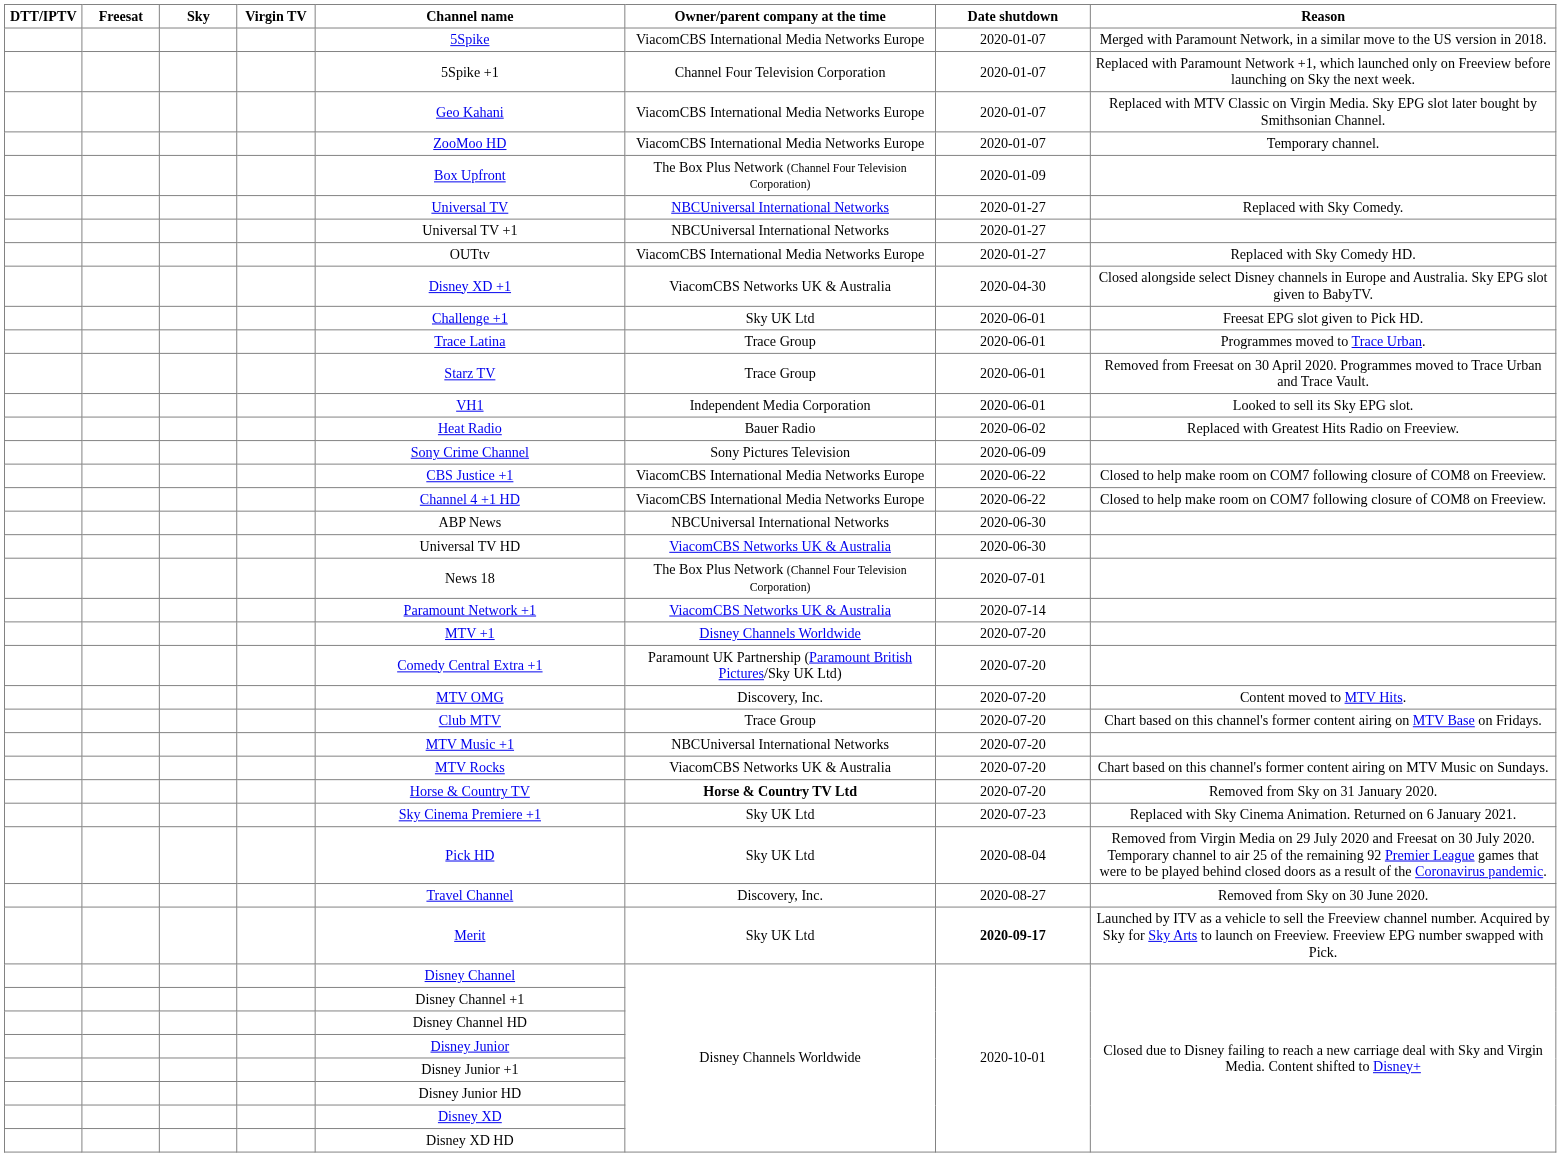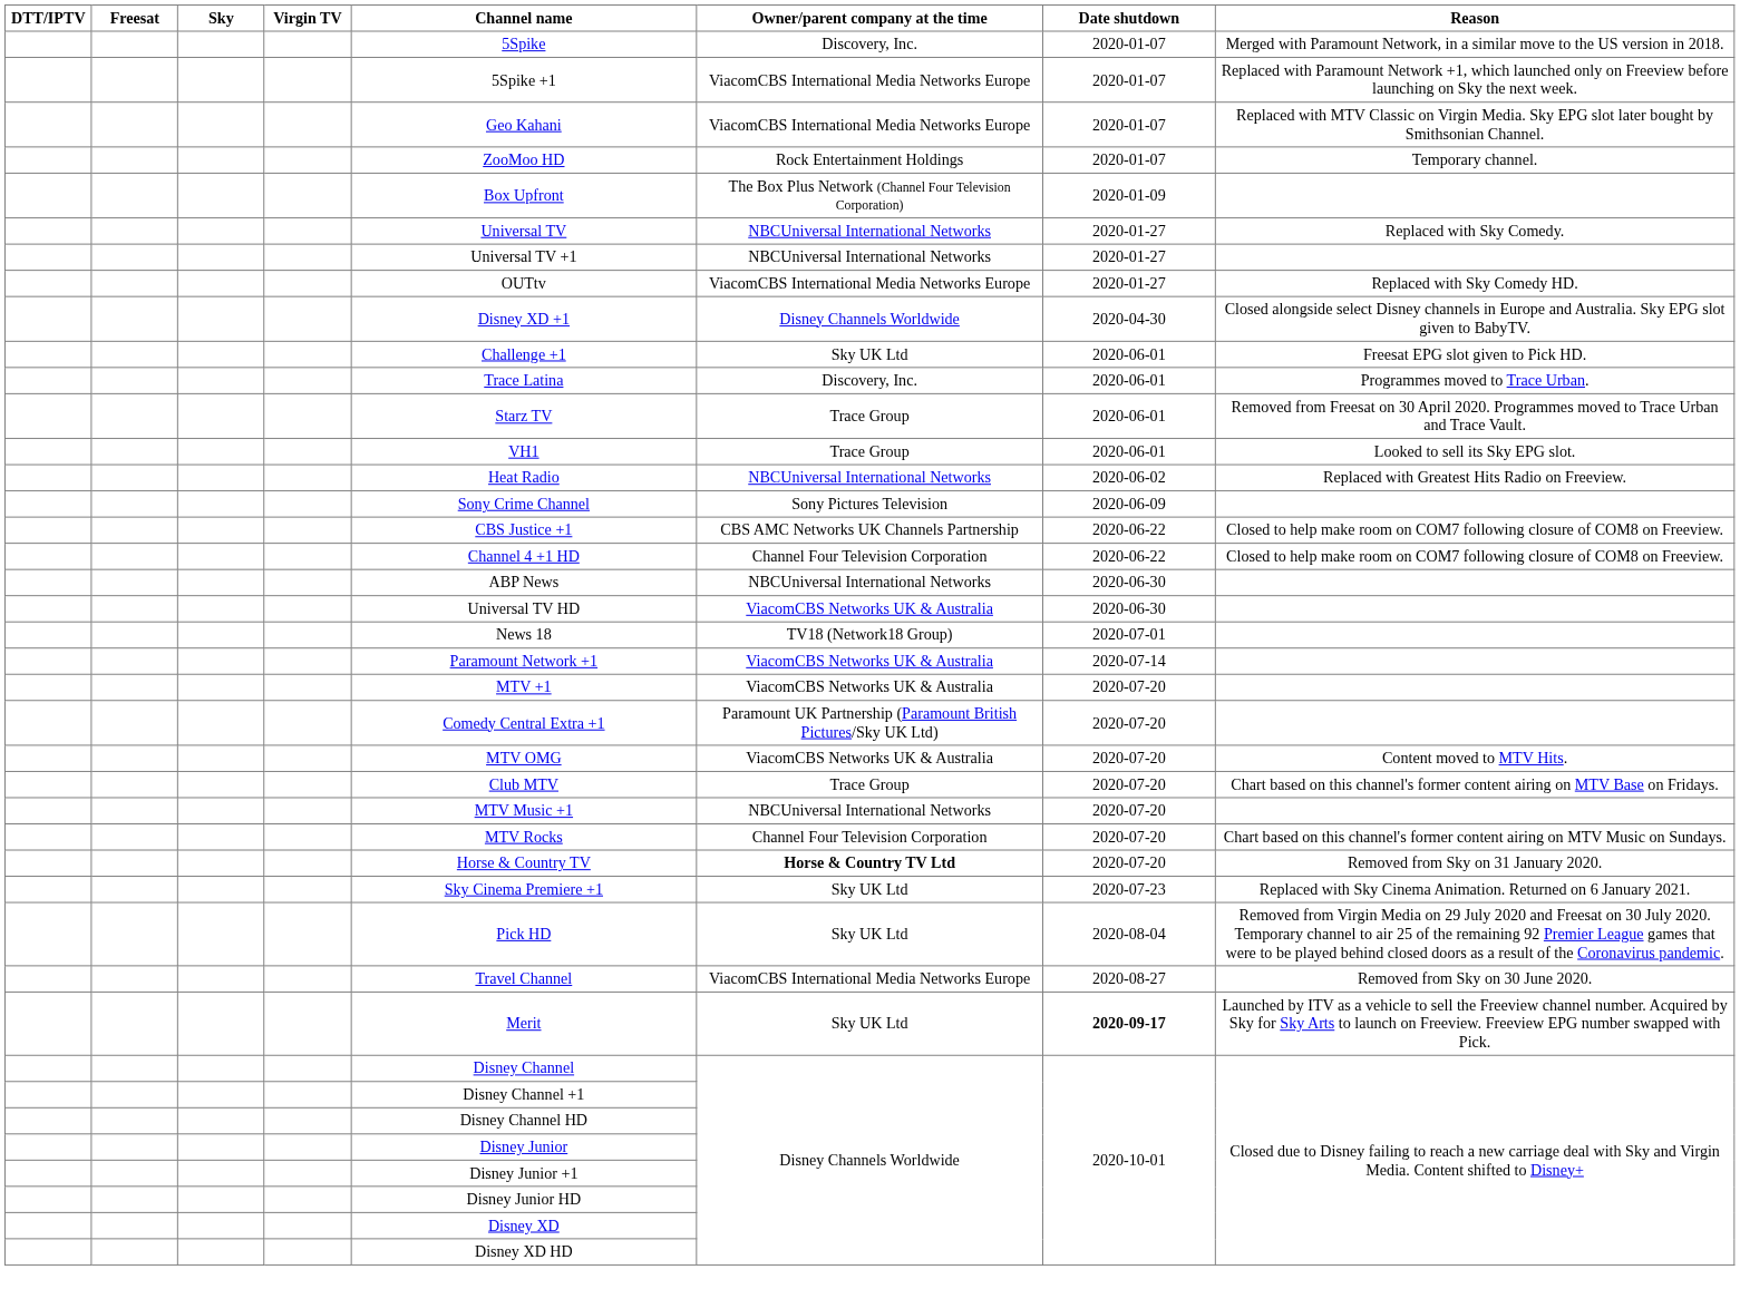 <table class="toccolors sortable" border="1" cellpadding="3" style="border-collapse:collapse; font-size: 90%; text-align:center" width="100%">
 <tr>
 <th width="5%">DTT/IPTV</th>
 <th width="5%">Freesat</th>
 <th width="5%">Sky</th>
 <th width="5%">Virgin TV</th>
 <th width="20%">Channel name</th>
 <th width="20%">Owner/parent company at the time</th>
 <th width="10%">Date shutdown </th>
 <th width="30%">Reason</th>
 </tr>
 <tr>
 <td></td>
 <td></td>
 <td></td>
 <td></td>
 <td><a href='#'>5Spike</a></td>
-<td>ViacomCBS International Media Networks Europe</td>
+<td>Discovery, Inc.</td>
 <td>2020-01-07</td>
 <td>Merged with Paramount Network, in a similar move to the US version in 2018.</td>
 </tr>
 <tr>
 <td></td>
 <td></td>
 <td></td>
 <td></td>
 <td>5Spike +1</td>
-<td>Channel Four Television Corporation</td>
+<td>ViacomCBS International Media Networks Europe</td>
 <td>2020-01-07</td>
 <td>Replaced with Paramount Network +1, which launched only on Freeview before launching on Sky the next week.</td>
 </tr>
 <tr>
 <td></td>
 <td></td>
 <td></td>
 <td></td>
 <td><a href='#'>Geo Kahani</a></td>
 <td>ViacomCBS International Media Networks Europe</td>
 <td>2020-01-07</td>
 <td>Replaced with MTV Classic on Virgin Media. Sky EPG slot later bought by Smithsonian Channel.</td>
 </tr>
 <tr>
 <td></td>
 <td></td>
 <td></td>
 <td></td>
 <td><a href='#'>ZooMoo HD</a></td>
-<td>ViacomCBS International Media Networks Europe</td>
+<td>Rock Entertainment Holdings</td>
 <td>2020-01-07</td>
 <td>Temporary channel.</td>
 </tr>
 <tr>
 <td></td>
 <td></td>
 <td></td>
 <td></td>
 <td><a href='#'>Box Upfront</a></td>
 <td>The Box Plus Network <small>(Channel Four Television Corporation)</small></td>
 <td>2020-01-09</td>
 <td></td>
 </tr>
 <tr>
 <td></td>
 <td></td>
 <td></td>
 <td></td>
 <td><a href='#'>Universal TV</a></td>
 <td><a href='#'>NBCUniversal International Networks</a></td>
 <td>2020-01-27</td>
 <td>Replaced with Sky Comedy.</td>
 </tr>
 <tr>
 <td></td>
 <td></td>
 <td></td>
 <td></td>
 <td>Universal TV +1</td>
 <td>NBCUniversal International Networks</td>
 <td>2020-01-27</td>
 <td></td>
 </tr>
 <tr>
 <td></td>
 <td></td>
 <td></td>
 <td></td>
 <td>OUTtv</td>
 <td>ViacomCBS International Media Networks Europe</td>
 <td>2020-01-27</td>
 <td>Replaced with Sky Comedy HD.</td>
 </tr>
 <tr>
 <td></td>
 <td></td>
 <td></td>
 <td></td>
 <td><a href='#'>Disney XD +1</a></td>
-<td>ViacomCBS Networks UK & Australia</td>
+<td><a href='#'>Disney Channels Worldwide</a></td>
 <td>2020-04-30</td>
 <td>Closed alongside select Disney channels in Europe and Australia. Sky EPG slot given to BabyTV.</td>
 </tr>
 <tr>
 <td></td>
 <td></td>
 <td></td>
 <td></td>
 <td><a href='#'>Challenge +1</a></td>
 <td>Sky UK Ltd</td>
 <td>2020-06-01</td>
 <td>Freesat EPG slot given to Pick HD.</td>
 </tr>
 <tr>
 <td></td>
 <td></td>
 <td></td>
 <td></td>
 <td><a href='#'>Trace Latina</a></td>
-<td>Trace Group</td>
+<td>Discovery, Inc.</td>
 <td>2020-06-01</td>
 <td>Programmes moved to <a href='#'>Trace Urban</a>.</td>
 </tr>
 <tr>
 <td></td>
 <td></td>
 <td></td>
 <td></td>
 <td><a href='#'>Starz TV</a></td>
 <td>Trace Group</td>
 <td>2020-06-01</td>
 <td>Removed from Freesat on 30 April 2020. Programmes moved to Trace Urban and Trace Vault.</td>
 </tr>
 <tr>
 <td></td>
 <td></td>
 <td></td>
 <td></td>
 <td><a href='#'>VH1</a></td>
-<td>Independent Media Corporation</td>
+<td>Trace Group</td>
 <td>2020-06-01</td>
 <td>Looked to sell its Sky EPG slot.</td>
 </tr>
 <tr>
 <td></td>
 <td></td>
 <td></td>
 <td></td>
 <td><a href='#'>Heat Radio</a></td>
-<td>Bauer Radio</td>
+<td><a href='#'>NBCUniversal International Networks</a></td>
 <td>2020-06-02</td>
 <td>Replaced with Greatest Hits Radio on Freeview.</td>
 </tr>
 <tr>
 <td></td>
 <td></td>
 <td></td>
 <td></td>
 <td><a href='#'>Sony Crime Channel</a></td>
 <td>Sony Pictures Television</td>
 <td>2020-06-09</td>
 <td></td>
 </tr>
 <tr>
 <td></td>
 <td></td>
 <td></td>
 <td></td>
 <td><a href='#'>CBS Justice +1</a></td>
-<td>ViacomCBS International Media Networks Europe</td>
+<td>CBS AMC Networks UK Channels Partnership</td>
 <td>2020-06-22</td>
 <td>Closed to help make room on COM7 following closure of COM8 on Freeview.</td>
 </tr>
 <tr>
 <td></td>
 <td></td>
 <td></td>
 <td></td>
 <td><a href='#'>Channel 4 +1 HD</a></td>
-<td>ViacomCBS International Media Networks Europe</td>
+<td>Channel Four Television Corporation</td>
 <td>2020-06-22</td>
 <td>Closed to help make room on COM7 following closure of COM8 on Freeview.</td>
 </tr>
 <tr>
 <td></td>
 <td></td>
 <td></td>
 <td></td>
 <td>ABP News</td>
 <td>NBCUniversal International Networks</td>
 <td>2020-06-30</td>
 </tr>
 <tr>
 <td></td>
 <td></td>
 <td></td>
 <td></td>
 <td>Universal TV HD</td>
 <td><a href='#'>ViacomCBS Networks UK & Australia</a></td>
 <td>2020-06-30</td>
 <td></td>
 </tr>
 <tr>
 <td></td>
 <td></td>
 <td></td>
 <td></td>
 <td>News 18</td>
-<td>The Box Plus Network <small>(Channel Four Television Corporation)</small></td>
+<td>TV18 (Network18 Group)</td>
 <td>2020-07-01</td>
 <td></td>
 </tr>
 <tr>
 <td></td>
 <td></td>
 <td></td>
 <td></td>
 <td><a href='#'>Paramount Network +1</a></td>
 <td><a href='#'>ViacomCBS Networks UK & Australia</a></td>
 <td>2020-07-14</td>
 <td></td>
 </tr>
 <tr>
 <td></td>
 <td></td>
 <td></td>
 <td></td>
 <td><a href='#'>MTV +1</a></td>
-<td><a href='#'>Disney Channels Worldwide</a></td>
+<td>ViacomCBS Networks UK & Australia</td>
 <td>2020-07-20</td>
 <td></td>
 </tr>
 <tr>
 <td></td>
 <td></td>
 <td></td>
 <td></td>
 <td><a href='#'>Comedy Central Extra +1</a></td>
 <td>Paramount UK Partnership (<a href='#'>Paramount British Pictures</a>/Sky UK Ltd)</td>
 <td>2020-07-20</td>
 <td></td>
 </tr>
 <tr>
 <td></td>
 <td></td>
 <td></td>
 <td></td>
 <td><a href='#'>MTV OMG</a></td>
-<td>Discovery, Inc.</td>
+<td>ViacomCBS Networks UK & Australia</td>
 <td>2020-07-20</td>
 <td>Content moved to <a href='#'>MTV Hits</a>.</td>
 </tr>
 <tr>
 <td></td>
 <td></td>
 <td></td>
 <td></td>
 <td><a href='#'>Club MTV</a></td>
 <td>Trace Group</td>
 <td>2020-07-20</td>
 <td>Chart based on this channel's former content airing on <a href='#'>MTV Base</a> on Fridays.</td>
 </tr>
 <tr>
 <td></td>
 <td></td>
 <td></td>
 <td></td>
 <td><a href='#'>MTV Music +1</a></td>
 <td>NBCUniversal International Networks</td>
 <td>2020-07-20</td>
 <td></td>
 </tr>
 <tr>
 <td></td>
 <td></td>
 <td></td>
 <td></td>
 <td><a href='#'>MTV Rocks</a></td>
-<td>ViacomCBS Networks UK & Australia</td>
+<td>Channel Four Television Corporation</td>
 <td>2020-07-20</td>
 <td>Chart based on this channel's former content airing on MTV Music on Sundays.</td>
 </tr>
 <tr>
 <td></td>
 <td></td>
 <td></td>
 <td></td>
 <td><a href='#'>Horse & Country TV</a></td>
 <td><strong>Horse & Country TV Ltd</strong></td>
 <td>2020-07-20</td>
 <td>Removed from Sky on 31 January 2020.</td>
 </tr>
 <tr>
 <td></td>
 <td></td>
 <td></td>
 <td></td>
 <td><a href='#'>Sky Cinema Premiere +1</a></td>
 <td>Sky UK Ltd</td>
 <td>2020-07-23</td>
 <td>Replaced with Sky Cinema Animation. Returned on 6 January 2021.</td>
 </tr>
 <tr>
 <td></td>
 <td></td>
 <td></td>
 <td></td>
 <td><a href='#'>Pick HD</a></td>
 <td>Sky UK Ltd</td>
 <td>2020-08-04</td>
 <td>Removed from Virgin Media on 29 July 2020 and Freesat on 30 July 2020. Temporary channel to air 25 of the remaining 92 <a href='#'>Premier League</a> games that were to be played behind closed doors as a result of the <a href='#'>Coronavirus pandemic</a>.</td>
 </tr>
 <tr>
 <td></td>
 <td></td>
 <td></td>
 <td></td>
 <td><a href='#'>Travel Channel</a></td>
-<td>Discovery, Inc.</td>
+<td>ViacomCBS International Media Networks Europe</td>
 <td>2020-08-27</td>
 <td>Removed from Sky on 30 June 2020.</td>
 </tr>
 <tr>
 <td></td>
 <td></td>
 <td></td>
 <td></td>
 <td><a href='#'>Merit</a></td>
 <td>Sky UK Ltd</td>
 <td><strong>2020-09-17</strong></td>
 <td>Launched by ITV as a vehicle to sell the Freeview channel number. Acquired by Sky for <a href='#'>Sky Arts</a> to launch on Freeview. Freeview EPG number swapped with Pick.</td>
 </tr>
 <tr>
 <td></td>
 <td></td>
 <td></td>
 <td></td>
 <td><a href='#'>Disney Channel</a></td>
 <td rowspan="8">Disney Channels Worldwide</td>
 <td rowspan="8">2020-10-01</td>
 <td rowspan="8">Closed due to Disney failing to reach a new carriage deal with Sky and Virgin Media. Content shifted to <a href='#'>Disney+</a></td>
 </tr>
 <tr>
 <td></td>
 <td></td>
 <td></td>
 <td></td>
 <td>Disney Channel +1</td>
 </tr>
 <tr>
 <td></td>
 <td></td>
 <td></td>
 <td></td>
 <td>Disney Channel HD</td>
 </tr>
 <tr>
 <td></td>
 <td></td>
 <td></td>
 <td></td>
 <td><a href='#'>Disney Junior</a></td>
 </tr>
 <tr>
 <td></td>
 <td></td>
 <td></td>
 <td></td>
 <td>Disney Junior +1</td>
 </tr>
 <tr>
 <td></td>
 <td></td>
 <td></td>
 <td></td>
 <td>Disney Junior HD</td>
 </tr>
 <tr>
 <td></td>
 <td></td>
 <td></td>
 <td></td>
 <td><a href='#'>Disney XD</a></td>
 </tr>
 <tr>
 <td></td>
 <td></td>
 <td></td>
 <td></td>
 <td>Disney XD HD</td>
 </tr>
 </table>
